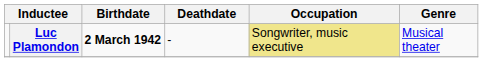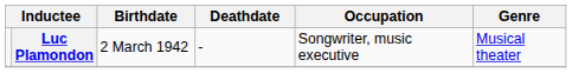 <table class="wikitable" width="100%">
 <tr>
 <th colspan=2>Inductee</th>
 <th width="20%">Birthdate</th>
 <th width="20%">Deathdate</th>
 <th width="40%">Occupation</th>
 <th width="40%">Genre</th>
 </tr>
 <tr>
 <td></td>
 <th><a href='#'>Luc Plamondon</a></th>
-<td><strong>2 March 1942</strong></td>
+<td>2 March 1942</td>
 <td>-</td>
-<td style="background: khaki;">Songwriter, music executive</td>
+<td>Songwriter, music executive</td>
 <td><a href='#'>Musical theater</a></td>
 </tr>
 <tr>
 </tr>
 </table>
